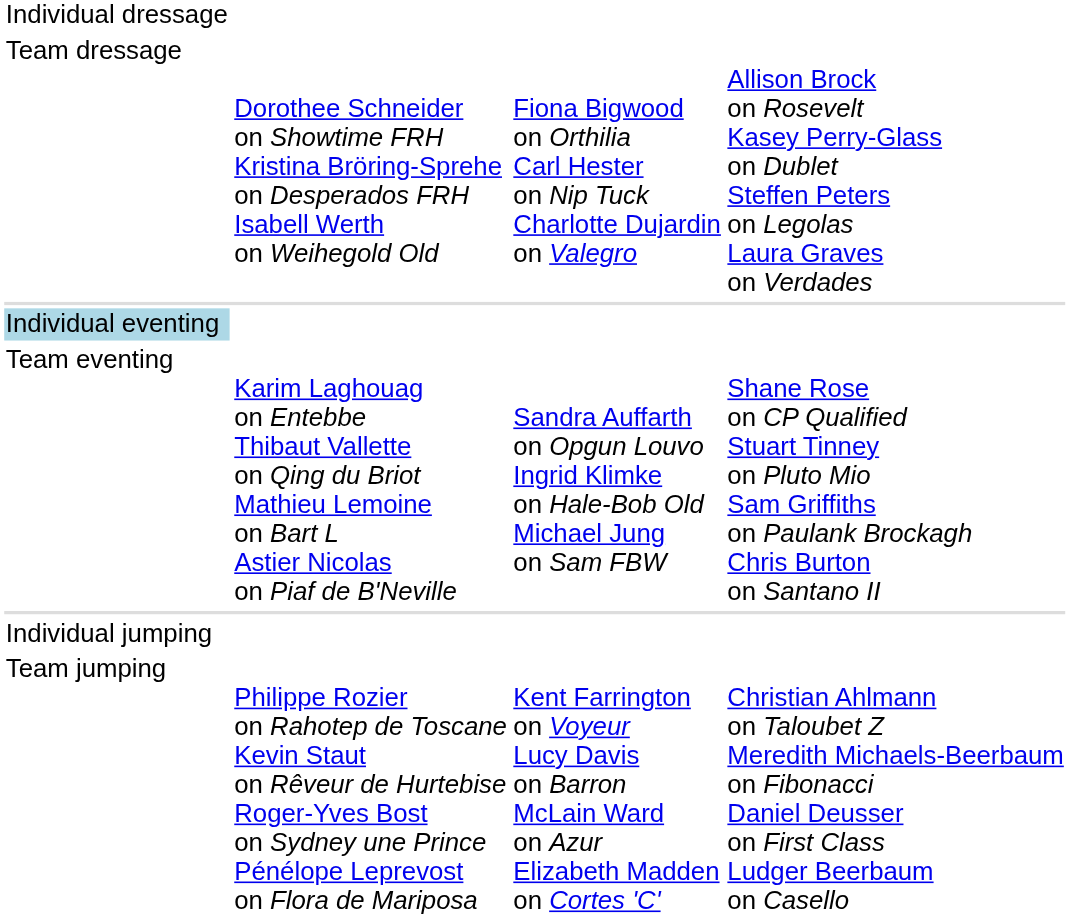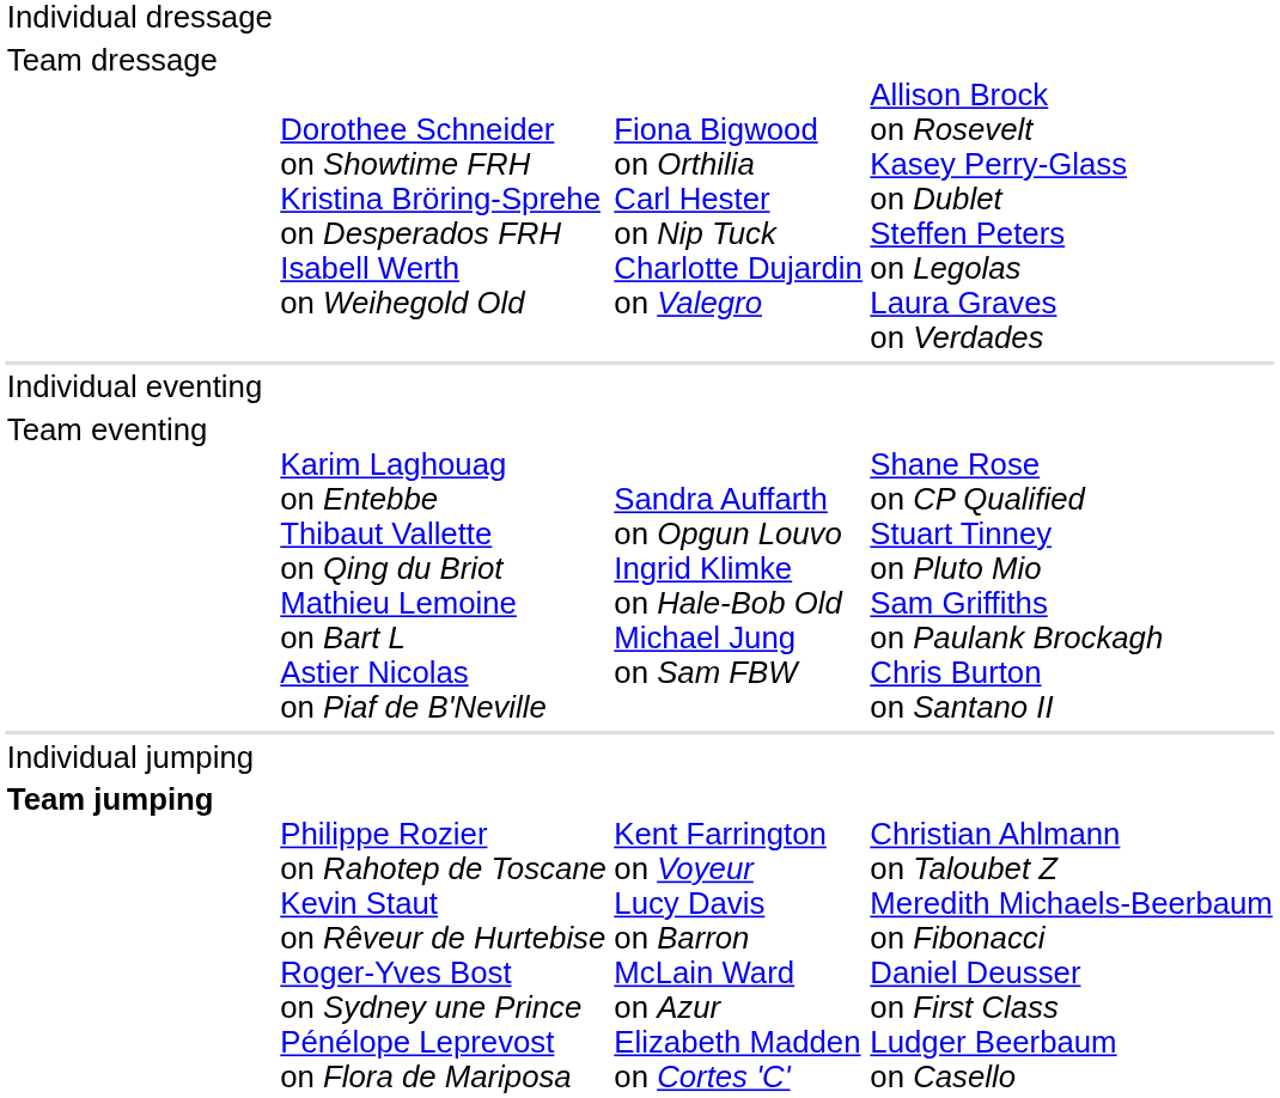 <table>
 <tr valign="top">
 <td>Individual dressage<br></td>
 <td></td>
 <td></td>
 <td></td>
 </tr>
 <tr valign="top">
 <td>Team dressage<br></td>
 <td><br><br><a href='#'>Dorothee Schneider</a> <br> on <em>Showtime FRH</em><br><a href='#'>Kristina Bröring-Sprehe</a> <br> on <em>Desperados FRH</em><br><a href='#'>Isabell Werth</a> <br> on <em>Weihegold Old</em></td>
 <td><br><br><a href='#'>Fiona Bigwood</a> <br> on <em>Orthilia</em><br><a href='#'>Carl Hester</a> <br> on <em>Nip Tuck</em><br><a href='#'>Charlotte Dujardin</a> <br> on <em><a href='#'>Valegro</a></em></td>
 <td><br><a href='#'>Allison Brock</a> <br> on <em>Rosevelt</em><br><a href='#'>Kasey Perry-Glass</a> <br> on <em>Dublet</em><br><a href='#'>Steffen Peters</a> <br> on <em>Legolas</em><br><a href='#'>Laura Graves</a> <br> on <em>Verdades</em></td>
 </tr>
 <tr bgcolor=#DDDDDD>
 <td colspan=7></td>
 </tr>
 <tr valign="top">
-<td style="background: lightblue;">Individual eventing<br></td>
+<td>Individual eventing<br></td>
 <td></td>
 <td></td>
 <td></td>
 </tr>
 <tr valign="top">
 <td>Team eventing<br></td>
 <td><br><a href='#'>Karim Laghouag</a> <br> on <em>Entebbe</em><br><a href='#'>Thibaut Vallette</a> <br> on <em>Qing du Briot</em><br><a href='#'>Mathieu Lemoine</a> <br> on <em>Bart L</em><br><a href='#'>Astier Nicolas</a> <br> on <em>Piaf de B'Neville</em></td>
 <td><br><br><a href='#'>Sandra Auffarth</a> <br> on <em>Opgun Louvo</em><br><a href='#'>Ingrid Klimke</a> <br> on <em>Hale-Bob Old</em><br><a href='#'>Michael Jung</a> <br> on <em>Sam FBW</em></td>
 <td><br><a href='#'>Shane Rose</a> <br> on <em>CP Qualified</em><br><a href='#'>Stuart Tinney</a> <br> on <em>Pluto Mio</em><br><a href='#'>Sam Griffiths</a> <br> on <em>Paulank Brockagh</em><br><a href='#'>Chris Burton</a> <br> on <em>Santano II</em></td>
 </tr>
 <tr bgcolor=#DDDDDD>
 <td colspan=7></td>
 </tr>
 <tr valign="top">
 <td>Individual jumping <br></td>
 <td></td>
 <td></td>
 <td></td>
 </tr>
 <tr valign="top">
-<td>Team jumping<br></td>
+<td><strong>Team jumping<br></strong></td>
 <td><br><a href='#'>Philippe Rozier</a> <br> on <em>Rahotep de Toscane</em><br><a href='#'>Kevin Staut</a> <br> on <em>Rêveur de Hurtebise</em><br><a href='#'>Roger-Yves Bost</a> <br> on <em>Sydney une Prince</em><br><a href='#'>Pénélope Leprevost</a> <br> on <em>Flora de Mariposa</em></td>
 <td><br><a href='#'>Kent Farrington</a> <br> on <em><a href='#'>Voyeur</a></em><br><a href='#'>Lucy Davis</a> <br> on <em>Barron</em><br><a href='#'>McLain Ward</a> <br> on <em>Azur</em><br><a href='#'>Elizabeth Madden</a> <br> on <em><a href='#'>Cortes 'C'</a></em></td>
 <td><br><a href='#'>Christian Ahlmann</a> <br> on <em>Taloubet Z</em><br><a href='#'>Meredith Michaels-Beerbaum</a> <br> on <em>Fibonacci</em><br><a href='#'>Daniel Deusser</a> <br> on <em>First Class</em><br><a href='#'>Ludger Beerbaum</a> <br> on <em>Casello</em></td>
 </tr>
 </table>
